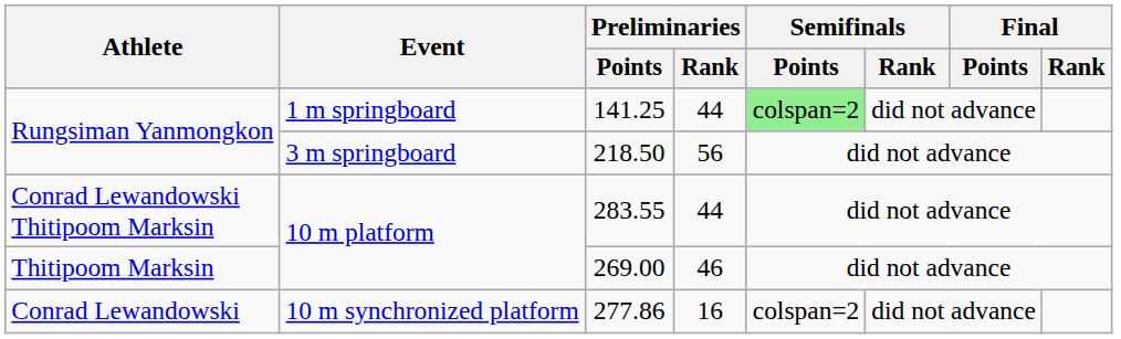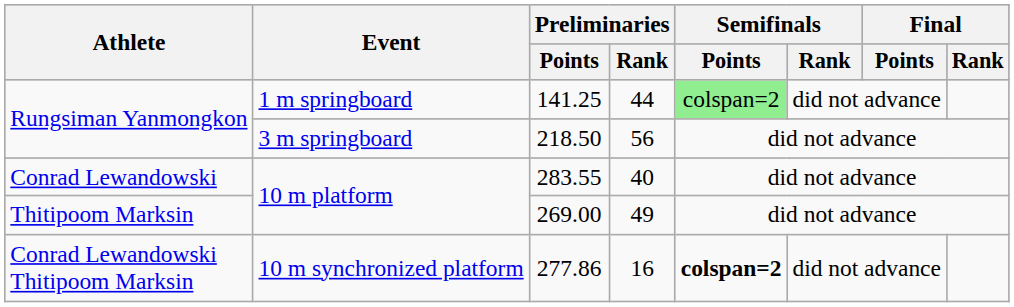 <table class="wikitable" style="text-align:center; font-size:90%">
 <tr>
 <th rowspan=2>Athlete</th>
 <th rowspan=2>Event</th>
 <th colspan=2>Preliminaries</th>
 <th colspan=2>Semifinals</th>
 <th colspan=2>Final</th>
 </tr>
 <tr style="font-size:95%">
 <th>Points</th>
 <th>Rank</th>
 <th>Points</th>
 <th>Rank</th>
 <th>Points</th>
 <th>Rank</th>
 </tr>
 <tr>
 <td align=left rowspan=2><a href='#'>Rungsiman Yanmongkon</a></td>
 <td align=left><a href='#'>1 m springboard</a></td>
 <td>141.25</td>
 <td>44</td>
 <td style="background: lightgreen;">colspan=2 </td>
 <td colspan=2>did not advance</td>
 </tr>
 <tr>
 <td align=left><a href='#'>3 m springboard</a></td>
 <td>218.50</td>
 <td>56</td>
 <td colspan=4>did not advance</td>
 </tr>
 <tr>
-<td align=left><a href='#'>Conrad Lewandowski</a><br><a href='#'>Thitipoom Marksin</a></td>
+<td align=left><a href='#'>Conrad Lewandowski</a></td>
 <td rowspan=2 align=left><a href='#'>10 m platform</a></td>
 <td>283.55</td>
-<td>44</td>
+<td>40</td>
 <td colspan=4>did not advance</td>
 </tr>
 <tr>
 <td align=left><a href='#'>Thitipoom Marksin</a></td>
 <td>269.00</td>
-<td>46</td>
+<td>49</td>
 <td colspan=4>did not advance</td>
 </tr>
 <tr>
-<td align=left><a href='#'>Conrad Lewandowski</a></td>
+<td align=left><a href='#'>Conrad Lewandowski</a><br><a href='#'>Thitipoom Marksin</a></td>
 <td align=left><a href='#'>10 m synchronized platform</a></td>
 <td>277.86</td>
 <td>16</td>
-<td>colspan=2 </td>
+<td><strong>colspan=2 </strong></td>
 <td colspan=2>did not advance</td>
 </tr>
 </table>
